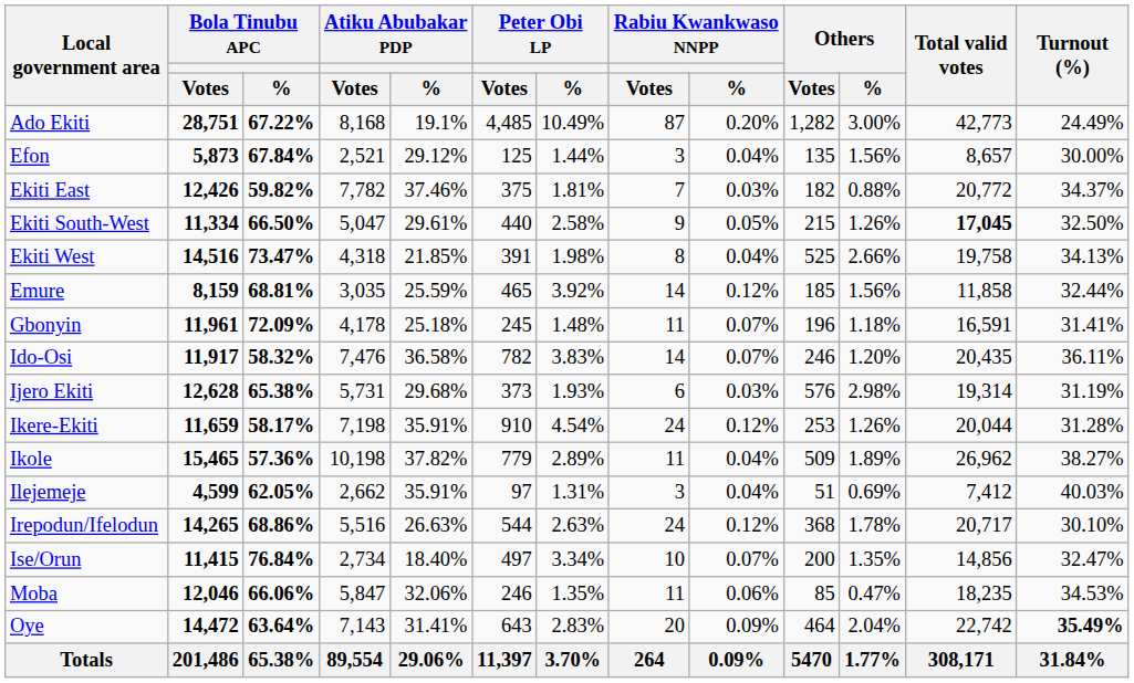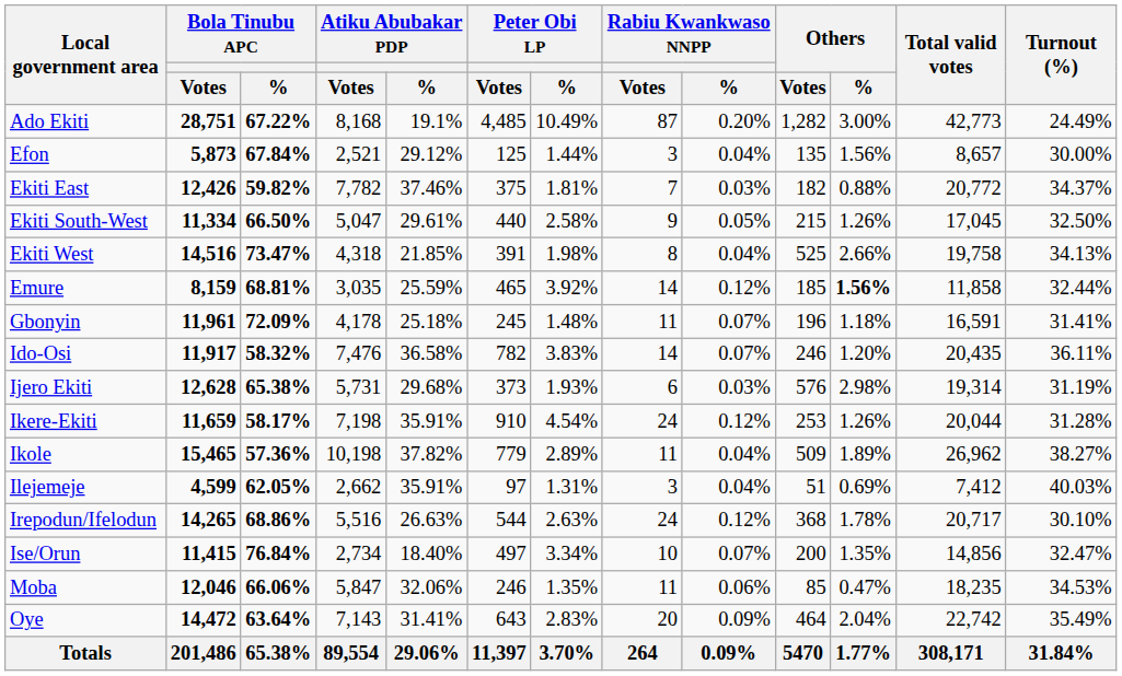 <table class="wikitable sortable" style="text-align:right; font-size:90%">
 <tr>
 <th rowspan="3" style="max-width:7.5em;">Local government area</th>
 <th colspan="2"><a href='#'>Bola Tinubu</a><br><small>APC</small></th>
 <th colspan="2"><a href='#'>Atiku Abubakar</a><br><small>PDP</small></th>
 <th colspan="2"><a href='#'>Peter Obi</a><br><small>LP</small></th>
 <th colspan="2"><a href='#'>Rabiu Kwankwaso</a><br><small>NNPP</small></th>
 <th colspan="2" rowspan="2">Others</th>
 <th rowspan="3" style="max-width:5em;">Total valid votes</th>
 <th rowspan="3" style="max-width:5em;">Turnout (%)</th>
 </tr>
 <tr>
 <th colspan=2 style="background-color:"></th>
 <th colspan=2 style="background-color:"></th>
 <th colspan=2 style="background-color:"></th>
 <th colspan=2 style="background-color:"></th>
 </tr>
 <tr>
 <th>Votes</th>
 <th>%</th>
 <th>Votes</th>
 <th>%</th>
 <th>Votes</th>
 <th>%</th>
 <th>Votes</th>
 <th>%</th>
 <th>Votes</th>
 <th>%</th>
 </tr>
 <tr style="background-color:#">
 <td style="text-align:left;"><a href='#'>Ado Ekiti</a></td>
 <td><strong>28,751</strong></td>
 <td><strong>67.22%</strong></td>
 <td>8,168</td>
 <td>19.1%</td>
 <td>4,485</td>
 <td>10.49%</td>
 <td>87</td>
 <td>0.20%</td>
 <td>1,282</td>
 <td>3.00%</td>
 <td>42,773</td>
 <td>24.49%</td>
 </tr>
 <tr style="background-color:#">
 <td style="text-align:left;"><a href='#'>Efon</a></td>
 <td><strong>5,873</strong></td>
 <td><strong>67.84%</strong></td>
 <td>2,521</td>
 <td>29.12%</td>
 <td>125</td>
 <td>1.44%</td>
 <td>3</td>
 <td>0.04%</td>
 <td>135</td>
 <td>1.56%</td>
 <td>8,657</td>
 <td>30.00%</td>
 </tr>
 <tr style="background-color:#">
 <td style="text-align:left;"><a href='#'>Ekiti East</a></td>
 <td><strong>12,426</strong></td>
 <td><strong>59.82%</strong></td>
 <td>7,782</td>
 <td>37.46%</td>
 <td>375</td>
 <td>1.81%</td>
 <td>7</td>
 <td>0.03%</td>
 <td>182</td>
 <td>0.88%</td>
 <td>20,772</td>
 <td>34.37%</td>
 </tr>
 <tr style="background-color:#">
 <td style="text-align:left;"><a href='#'>Ekiti South-West</a></td>
 <td><strong>11,334</strong></td>
 <td><strong>66.50%</strong></td>
 <td>5,047</td>
 <td>29.61%</td>
 <td>440</td>
 <td>2.58%</td>
 <td>9</td>
 <td>0.05%</td>
 <td>215</td>
 <td>1.26%</td>
-<td><strong>17,045</strong></td>
+<td>17,045</td>
 <td>32.50%</td>
 </tr>
 <tr style="background-color:#">
 <td style="text-align:left;"><a href='#'>Ekiti West</a></td>
 <td><strong>14,516</strong></td>
 <td><strong>73.47%</strong></td>
 <td>4,318</td>
 <td>21.85%</td>
 <td>391</td>
 <td>1.98%</td>
 <td>8</td>
 <td>0.04%</td>
 <td>525</td>
 <td>2.66%</td>
 <td>19,758</td>
 <td>34.13%</td>
 </tr>
 <tr style="background-color:#">
 <td style="text-align:left;"><a href='#'>Emure</a></td>
 <td><strong>8,159</strong></td>
 <td><strong>68.81%</strong></td>
 <td>3,035</td>
 <td>25.59%</td>
 <td>465</td>
 <td>3.92%</td>
 <td>14</td>
 <td>0.12%</td>
 <td>185</td>
-<td>1.56%</td>
+<td><strong>1.56%</strong></td>
 <td>11,858</td>
 <td>32.44%</td>
 </tr>
 <tr style="background-color:#">
 <td style="text-align:left;"><a href='#'>Gbonyin</a></td>
 <td><strong>11,961</strong></td>
 <td><strong>72.09%</strong></td>
 <td>4,178</td>
 <td>25.18%</td>
 <td>245</td>
 <td>1.48%</td>
 <td>11</td>
 <td>0.07%</td>
 <td>196</td>
 <td>1.18%</td>
 <td>16,591</td>
 <td>31.41%</td>
 </tr>
 <tr style="background-color:#">
 <td style="text-align:left;"><a href='#'>Ido-Osi</a></td>
 <td><strong>11,917</strong></td>
 <td><strong>58.32%</strong></td>
 <td>7,476</td>
 <td>36.58%</td>
 <td>782</td>
 <td>3.83%</td>
 <td>14</td>
 <td>0.07%</td>
 <td>246</td>
 <td>1.20%</td>
 <td>20,435</td>
 <td>36.11%</td>
 </tr>
 <tr style="background-color:#">
 <td style="text-align:left;"><a href='#'>Ijero Ekiti</a></td>
 <td><strong>12,628</strong></td>
 <td><strong>65.38%</strong></td>
 <td>5,731</td>
 <td>29.68%</td>
 <td>373</td>
 <td>1.93%</td>
 <td>6</td>
 <td>0.03%</td>
 <td>576</td>
 <td>2.98%</td>
 <td>19,314</td>
 <td>31.19%</td>
 </tr>
 <tr style="background-color:#">
 <td style="text-align:left;"><a href='#'>Ikere-Ekiti</a></td>
 <td><strong>11,659</strong></td>
 <td><strong>58.17%</strong></td>
 <td>7,198</td>
 <td>35.91%</td>
 <td>910</td>
 <td>4.54%</td>
 <td>24</td>
 <td>0.12%</td>
 <td>253</td>
 <td>1.26%</td>
 <td>20,044</td>
 <td>31.28%</td>
 </tr>
 <tr style="background-color:#">
 <td style="text-align:left;"><a href='#'>Ikole</a></td>
 <td><strong>15,465</strong></td>
 <td><strong>57.36%</strong></td>
 <td>10,198</td>
 <td>37.82%</td>
 <td>779</td>
 <td>2.89%</td>
 <td>11</td>
 <td>0.04%</td>
 <td>509</td>
 <td>1.89%</td>
 <td>26,962</td>
 <td>38.27%</td>
 </tr>
 <tr style="background-color:#">
 <td style="text-align:left;"><a href='#'>Ilejemeje</a></td>
 <td><strong>4,599</strong></td>
 <td><strong>62.05%</strong></td>
 <td>2,662</td>
 <td>35.91%</td>
 <td>97</td>
 <td>1.31%</td>
 <td>3</td>
 <td>0.04%</td>
 <td>51</td>
 <td>0.69%</td>
 <td>7,412</td>
 <td>40.03%</td>
 </tr>
 <tr style="background-color:#">
 <td style="text-align:left;"><a href='#'>Irepodun/Ifelodun</a></td>
 <td><strong>14,265</strong></td>
 <td><strong>68.86%</strong></td>
 <td>5,516</td>
 <td>26.63%</td>
 <td>544</td>
 <td>2.63%</td>
 <td>24</td>
 <td>0.12%</td>
 <td>368</td>
 <td>1.78%</td>
 <td>20,717</td>
 <td>30.10%</td>
 </tr>
 <tr style="background-color:#">
 <td style="text-align:left;"><a href='#'>Ise/Orun</a></td>
 <td><strong>11,415</strong></td>
 <td><strong>76.84%</strong></td>
 <td>2,734</td>
 <td>18.40%</td>
 <td>497</td>
 <td>3.34%</td>
 <td>10</td>
 <td>0.07%</td>
 <td>200</td>
 <td>1.35%</td>
 <td>14,856</td>
 <td>32.47%</td>
 </tr>
 <tr style="background-color:#">
 <td style="text-align:left;"><a href='#'>Moba</a></td>
 <td><strong>12,046</strong></td>
 <td><strong>66.06%</strong></td>
 <td>5,847</td>
 <td>32.06%</td>
 <td>246</td>
 <td>1.35%</td>
 <td>11</td>
 <td>0.06%</td>
 <td>85</td>
 <td>0.47%</td>
 <td>18,235</td>
 <td>34.53%</td>
 </tr>
 <tr style="background-color:#">
 <td style="text-align:left;"><a href='#'>Oye</a></td>
 <td><strong>14,472</strong></td>
 <td><strong>63.64%</strong></td>
 <td>7,143</td>
 <td>31.41%</td>
 <td>643</td>
 <td>2.83%</td>
 <td>20</td>
 <td>0.09%</td>
 <td>464</td>
 <td>2.04%</td>
 <td>22,742</td>
-<td><strong>35.49%</strong></td>
+<td>35.49%</td>
 </tr>
 <tr>
 <th>Totals</th>
 <th>201,486</th>
 <th>65.38%</th>
 <th>89,554</th>
 <th>29.06%</th>
 <th>11,397</th>
 <th>3.70%</th>
 <th>264</th>
 <th>0.09%</th>
 <th>5470</th>
 <th>1.77%</th>
 <th>308,171</th>
 <th>31.84%</th>
 </tr>
 </table>
